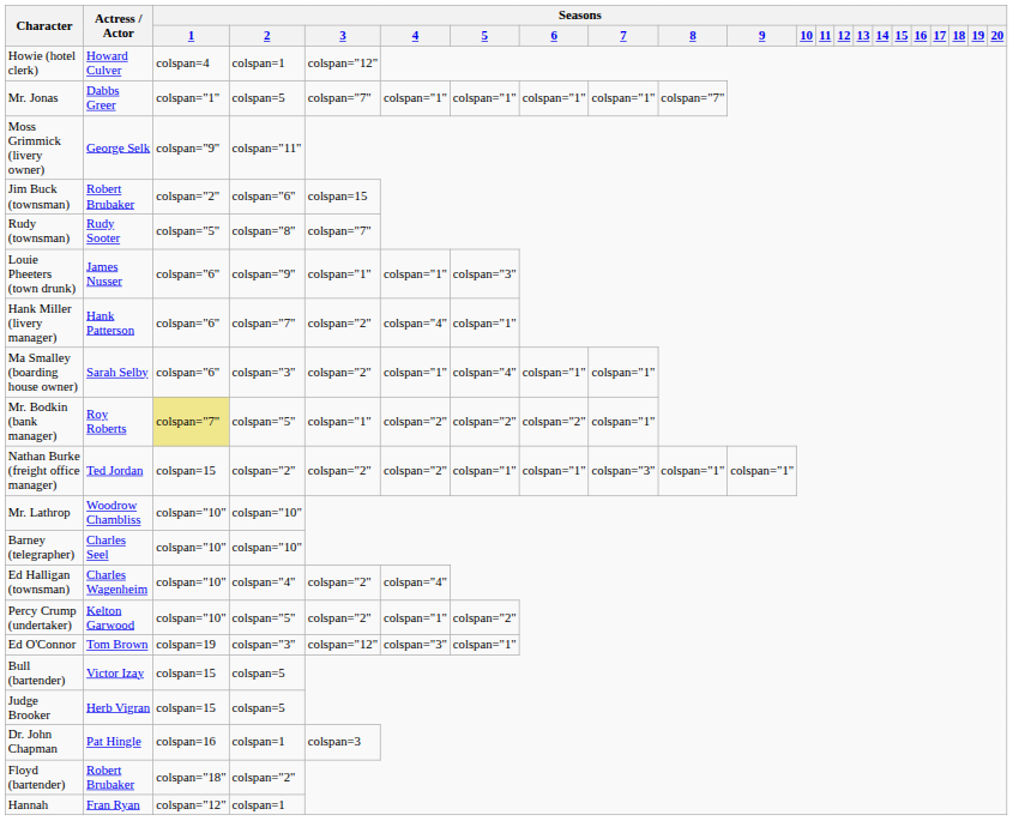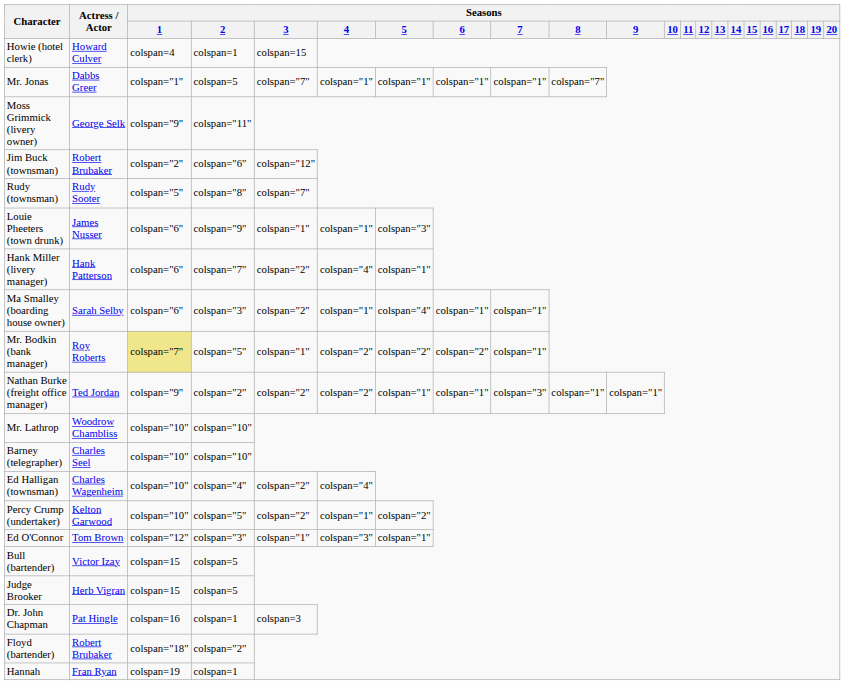 <table class="wikitable">
 <tr>
 <th ! style="width:25%;" rowspan="2">Character</th>
 <th ! style="width:15%;" rowspan="2">Actress / Actor</th>
 <th ! colspan="20">Seasons</th>
 </tr>
 <tr>
 <th ! style="  width:3%;"><a href='#'>1</a></th>
 <th ! style="  width:3%;"><a href='#'>2</a></th>
 <th ! style="  width:3%;"><a href='#'>3</a></th>
 <th ! style="  width:3%;"><a href='#'>4</a></th>
 <th ! style="  width:3%;"><a href='#'>5</a></th>
 <th ! style="  width:3%;"><a href='#'>6</a></th>
 <th ! style="  width:3%;"><a href='#'>7</a></th>
 <th ! style="  width:3%;"><a href='#'>8</a></th>
 <th ! style="  width:3%;"><a href='#'>9</a></th>
 <th ! style="  width:3%;"><a href='#'>10</a></th>
 <th ! style="  width:3%;"><a href='#'>11</a></th>
 <th ! style="  width:3%;"><a href='#'>12</a></th>
 <th ! style="  width:3%;"><a href='#'>13</a></th>
 <th ! style="  width:3%;"><a href='#'>14</a></th>
 <th ! style="  width:3%;"><a href='#'>15</a></th>
 <th ! style="  width:3%;"><a href='#'>16</a></th>
 <th ! style="  width:3%;"><a href='#'>17</a></th>
 <th ! style="  width:3%;"><a href='#'>18</a></th>
 <th ! style="  width:3%;"><a href='#'>19</a></th>
 <th ! style="  width:3%;"><a href='#'>20</a></th>
 </tr>
 <tr>
 <td>Howie (hotel clerk)</td>
 <td><a href='#'>Howard Culver</a></td>
 <td>colspan=4 </td>
 <td>colspan=1 </td>
-<td>colspan="12" </td>
+<td>colspan=15 </td>
 </tr>
 <tr>
 <td>Mr. Jonas</td>
 <td><a href='#'>Dabbs Greer</a></td>
 <td>colspan="1" </td>
 <td>colspan=5 </td>
 <td>colspan="7" </td>
 <td>colspan="1" </td>
 <td>colspan="1" </td>
 <td>colspan="1" </td>
 <td>colspan="1" </td>
 <td>colspan="7" </td>
 </tr>
 <tr>
 <td>Moss Grimmick (livery owner)</td>
 <td><a href='#'>George Selk</a></td>
 <td>colspan="9" </td>
 <td>colspan="11" </td>
 </tr>
 <tr>
 <td>Jim Buck (townsman)</td>
 <td><a href='#'>Robert Brubaker</a></td>
 <td>colspan="2" </td>
 <td>colspan="6" </td>
-<td>colspan=15 </td>
+<td>colspan="12" </td>
 </tr>
 <tr>
 <td>Rudy (townsman)</td>
 <td><a href='#'>Rudy Sooter</a></td>
 <td>colspan="5" </td>
 <td>colspan="8" </td>
 <td>colspan="7" </td>
 </tr>
 <tr>
 <td>Louie Pheeters (town drunk)</td>
 <td><a href='#'>James Nusser</a></td>
 <td>colspan="6" </td>
 <td>colspan="9" </td>
 <td>colspan="1" </td>
 <td>colspan="1" </td>
 <td>colspan="3" </td>
 </tr>
 <tr>
 <td>Hank Miller (livery manager)</td>
 <td><a href='#'>Hank Patterson</a></td>
 <td>colspan="6" </td>
 <td>colspan="7" </td>
 <td>colspan="2" </td>
 <td>colspan="4" </td>
 <td>colspan="1" </td>
 </tr>
 <tr>
 <td>Ma Smalley (boarding house owner)</td>
 <td><a href='#'>Sarah Selby</a></td>
 <td>colspan="6" </td>
 <td>colspan="3" </td>
 <td>colspan="2" </td>
 <td>colspan="1" </td>
 <td>colspan="4" </td>
 <td>colspan="1" </td>
 <td>colspan="1" </td>
 </tr>
 <tr>
 <td>Mr. Bodkin (bank manager)</td>
 <td><a href='#'>Roy Roberts</a></td>
 <td style="background: khaki;">colspan="7" </td>
 <td>colspan="5" </td>
 <td>colspan="1" </td>
 <td>colspan="2" </td>
 <td>colspan="2" </td>
 <td>colspan="2" </td>
 <td>colspan="1" </td>
 </tr>
 <tr>
 <td>Nathan Burke (freight office manager)</td>
 <td><a href='#'>Ted Jordan</a></td>
-<td>colspan=15 </td>
+<td>colspan="9" </td>
 <td>colspan="2" </td>
 <td>colspan="2" </td>
 <td>colspan="2" </td>
 <td>colspan="1" </td>
 <td>colspan="1" </td>
 <td>colspan="3" </td>
 <td>colspan="1" </td>
 <td>colspan="1" </td>
 </tr>
 <tr>
 <td>Mr. Lathrop</td>
 <td><a href='#'>Woodrow Chambliss</a></td>
 <td>colspan="10" </td>
 <td>colspan="10" </td>
 </tr>
 <tr>
 <td>Barney (telegrapher)</td>
 <td><a href='#'>Charles Seel</a></td>
 <td>colspan="10" </td>
 <td>colspan="10" </td>
 </tr>
 <tr>
 <td>Ed Halligan (townsman)</td>
 <td><a href='#'>Charles Wagenheim</a></td>
 <td>colspan="10" </td>
 <td>colspan="4" </td>
 <td>colspan="2" </td>
 <td>colspan="4" </td>
 </tr>
 <tr>
 <td>Percy Crump (undertaker)</td>
 <td><a href='#'>Kelton Garwood</a></td>
 <td>colspan="10" </td>
 <td>colspan="5" </td>
 <td>colspan="2" </td>
 <td>colspan="1" </td>
 <td>colspan="2" </td>
 </tr>
 <tr>
 <td>Ed O'Connor</td>
 <td><a href='#'>Tom Brown</a></td>
-<td>colspan=19 </td>
+<td>colspan="12" </td>
 <td>colspan="3" </td>
-<td>colspan="12" </td>
+<td>colspan="1" </td>
 <td>colspan="3" </td>
 <td>colspan="1" </td>
 </tr>
 <tr>
 <td>Bull (bartender)</td>
 <td><a href='#'>Victor Izay</a></td>
 <td>colspan=15 </td>
 <td>colspan=5 </td>
 </tr>
 <tr>
 <td>Judge Brooker</td>
 <td><a href='#'>Herb Vigran</a></td>
 <td>colspan=15 </td>
 <td>colspan=5 </td>
 </tr>
 <tr>
 <td>Dr. John Chapman</td>
 <td><a href='#'>Pat Hingle</a></td>
 <td>colspan=16 </td>
 <td>colspan=1 </td>
 <td>colspan=3 </td>
 </tr>
 <tr>
 <td>Floyd (bartender)</td>
 <td><a href='#'>Robert Brubaker</a></td>
 <td>colspan="18" </td>
 <td>colspan="2" </td>
 </tr>
 <tr>
 <td>Hannah</td>
 <td><a href='#'>Fran Ryan</a></td>
-<td>colspan="12" </td>
+<td>colspan=19 </td>
 <td>colspan=1 </td>
 </tr>
 </table>
